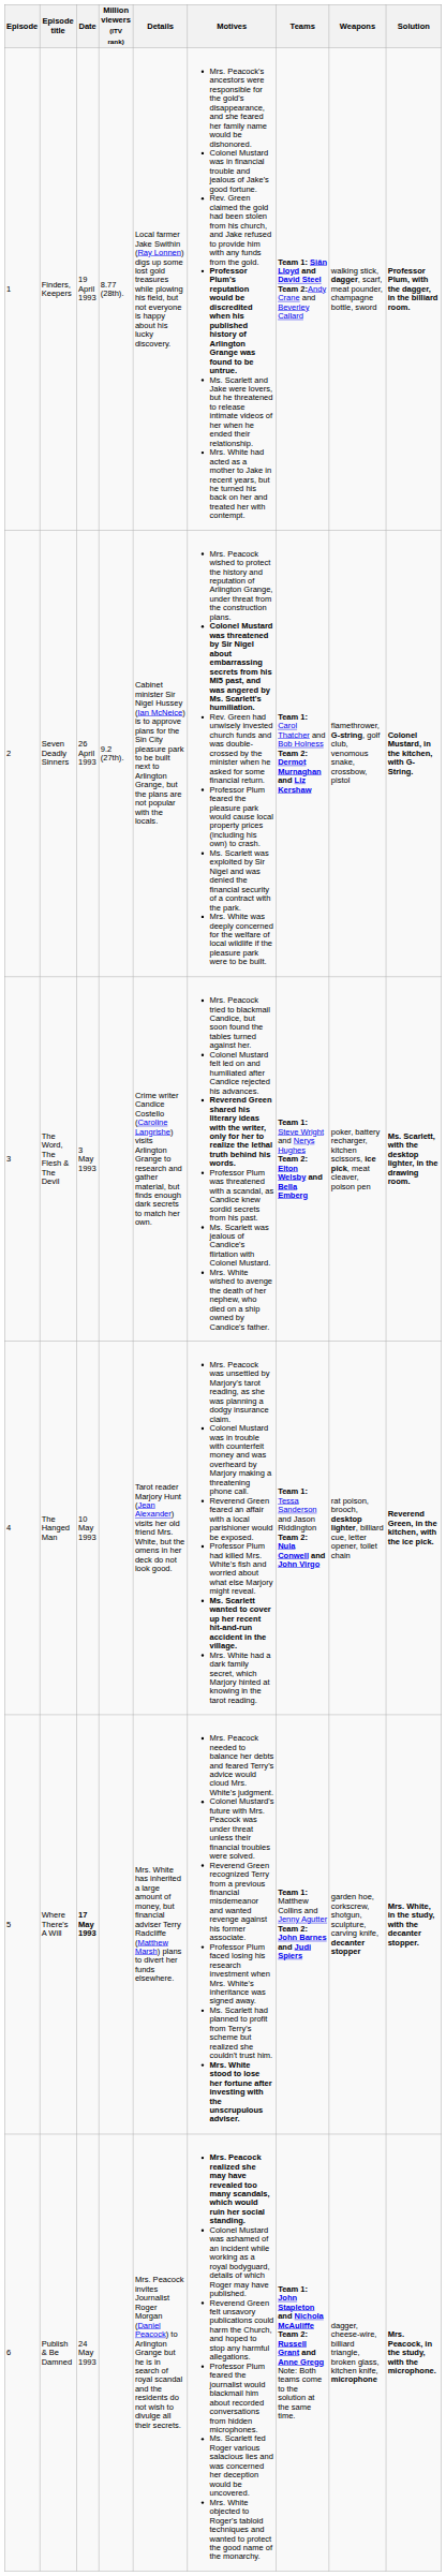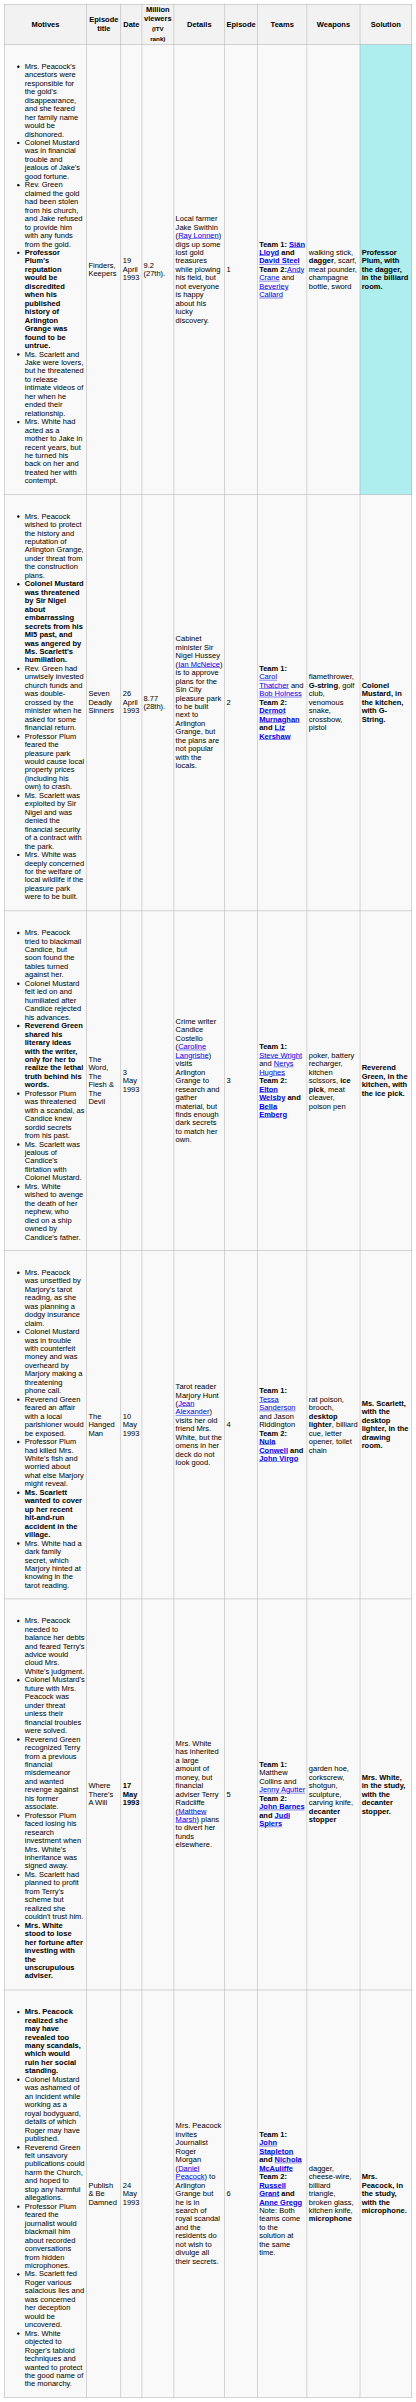 <table class="wikitable">
 <tr>
-<th>Episode</th>
+<th>Motives</th>
 <th>Episode title</th>
 <th>Date</th>
 <th>Million viewers <sub>(ITV rank)</sub></th>
 <th>Details</th>
-<th>Motives</th>
+<th>Episode</th>
 <th>Teams</th>
 <th>Weapons</th>
 <th>Solution</th>
 </tr>
 <tr>
-<td>1</td>
+<td><br><ul><li>Mrs. Peacock's ancestors were responsible for the gold's disappearance, and she feared her family name would be dishonored.</li><li>Colonel Mustard was in financial trouble and jealous of Jake's good fortune.</li><li>Rev. Green claimed the gold had been stolen from his church, and Jake refused to provide him with any funds from the gold.</li><li><strong>Professor Plum's reputation would be discredited when his published history of Arlington Grange was found to be untrue.</strong></li><li>Ms. Scarlett and Jake were lovers, but he threatened to release intimate videos of her when he ended their relationship.</li><li>Mrs. White had acted as a mother to Jake in recent years, but he turned his back on her and treated her with contempt.</li></ul></td>
 <td>Finders, Keepers</td>
 <td>19 April 1993</td>
-<td>8.77 (28th).</td>
+<td>9.2 (27th).</td>
 <td>Local farmer Jake Swithin (<a href='#'>Ray Lonnen</a>) digs up some lost gold treasures while plowing his field, but not everyone is happy about his lucky discovery.</td>
-<td><br><ul><li>Mrs. Peacock's ancestors were responsible for the gold's disappearance, and she feared her family name would be dishonored.</li><li>Colonel Mustard was in financial trouble and jealous of Jake's good fortune.</li><li>Rev. Green claimed the gold had been stolen from his church, and Jake refused to provide him with any funds from the gold.</li><li><strong>Professor Plum's reputation would be discredited when his published history of Arlington Grange was found to be untrue.</strong></li><li>Ms. Scarlett and Jake were lovers, but he threatened to release intimate videos of her when he ended their relationship.</li><li>Mrs. White had acted as a mother to Jake in recent years, but he turned his back on her and treated her with contempt.</li></ul></td>
+<td>1</td>
 <td><strong>Team 1:</strong> <strong><a href='#'>Siân Lloyd</a> and <a href='#'>David Steel</a></strong> <br> <strong>Team 2:</strong><a href='#'>Andy Crane</a> and <a href='#'>Beverley Callard</a></td>
 <td>walking stick, <strong>dagger</strong>, scarf, meat pounder, champagne bottle, sword</td>
-<td><strong>Professor Plum, with the dagger, in the billiard room.</strong></td>
+<td style="background: paleturquoise;"><strong>Professor Plum, with the dagger, in the billiard room.</strong></td>
 </tr>
 <tr>
-<td>2</td>
+<td><br><ul><li>Mrs. Peacock wished to protect the history and reputation of Arlington Grange, under threat from the construction plans.</li><li><strong>Colonel Mustard was threatened by Sir Nigel about embarrassing secrets from his MI5 past, and was angered by Ms. Scarlett's humiliation.</strong></li><li>Rev. Green had unwisely invested church funds and was double-crossed by the minister when he asked for some financial return.</li><li>Professor Plum feared the pleasure park would cause local property prices (including his own) to crash.</li><li>Ms. Scarlett was exploited by Sir Nigel and was denied the financial security of a contract with the park.</li><li>Mrs. White was deeply concerned for the welfare of local wildlife if the pleasure park were to be built.</li></ul></td>
 <td>Seven Deadly Sinners</td>
 <td>26 April 1993</td>
-<td>9.2 (27th).</td>
+<td>8.77 (28th).</td>
 <td>Cabinet minister Sir Nigel Hussey (<a href='#'>Ian McNeice</a>) is to approve plans for the Sin City pleasure park to be built next to Arlington Grange, but the plans are not popular with the locals.</td>
-<td><br><ul><li>Mrs. Peacock wished to protect the history and reputation of Arlington Grange, under threat from the construction plans.</li><li><strong>Colonel Mustard was threatened by Sir Nigel about embarrassing secrets from his MI5 past, and was angered by Ms. Scarlett's humiliation.</strong></li><li>Rev. Green had unwisely invested church funds and was double-crossed by the minister when he asked for some financial return.</li><li>Professor Plum feared the pleasure park would cause local property prices (including his own) to crash.</li><li>Ms. Scarlett was exploited by Sir Nigel and was denied the financial security of a contract with the park.</li><li>Mrs. White was deeply concerned for the welfare of local wildlife if the pleasure park were to be built.</li></ul></td>
+<td>2</td>
 <td><strong>Team 1:</strong> <a href='#'>Carol Thatcher</a> and <a href='#'>Bob Holness</a>  <br> <strong>Team 2: <a href='#'>Dermot Murnaghan</a> and <a href='#'>Liz Kershaw</a></strong></td>
 <td>flamethrower, <strong>G-string</strong>, golf club, venomous snake, crossbow, pistol</td>
 <td><strong>Colonel Mustard, in the kitchen, with G-String.</strong></td>
 </tr>
 <tr>
-<td>3</td>
+<td><br><ul><li>Mrs. Peacock tried to blackmail Candice, but soon found the tables turned against her.</li><li>Colonel Mustard felt led on and humiliated after Candice rejected his advances.</li><li><strong>Reverend Green shared his literary ideas with the writer, only for her to realize the lethal truth behind his words.</strong></li><li>Professor Plum was threatened with a scandal, as Candice knew sordid secrets from his past.</li><li>Ms. Scarlett was jealous of Candice's flirtation with Colonel Mustard.</li><li>Mrs. White wished to avenge the death of her nephew, who died on a ship owned by Candice's father.</li></ul></td>
 <td>The Word, The Flesh & The Devil</td>
 <td>3 May 1993</td>
 <td></td>
 <td>Crime writer Candice Costello (<a href='#'>Caroline Langrishe</a>) visits Arlington Grange to research and gather material, but finds enough dark secrets to match her own.</td>
-<td><br><ul><li>Mrs. Peacock tried to blackmail Candice, but soon found the tables turned against her.</li><li>Colonel Mustard felt led on and humiliated after Candice rejected his advances.</li><li><strong>Reverend Green shared his literary ideas with the writer, only for her to realize the lethal truth behind his words.</strong></li><li>Professor Plum was threatened with a scandal, as Candice knew sordid secrets from his past.</li><li>Ms. Scarlett was jealous of Candice's flirtation with Colonel Mustard.</li><li>Mrs. White wished to avenge the death of her nephew, who died on a ship owned by Candice's father.</li></ul></td>
+<td>3</td>
 <td><strong>Team 1:</strong> <a href='#'>Steve Wright</a> and <a href='#'>Nerys Hughes</a> <br> <strong>Team 2:</strong> <strong><a href='#'>Elton Welsby</a> and <a href='#'>Bella Emberg</a></strong></td>
 <td>poker, battery recharger, kitchen scissors, <strong>ice pick</strong>, meat cleaver, poison pen</td>
-<td><strong>Ms. Scarlett, with the desktop lighter, in the drawing room.</strong></td>
+<td><strong>Reverend Green, in the kitchen, with the ice pick.</strong></td>
 </tr>
 <tr>
-<td>4</td>
+<td><br><ul><li>Mrs. Peacock was unsettled by Marjory's tarot reading, as she was planning a dodgy insurance claim.</li><li>Colonel Mustard was in trouble with counterfeit money and was overheard by Marjory making a threatening phone call.</li><li>Reverend Green feared an affair with a local parishioner would be exposed.</li><li>Professor Plum had killed Mrs. White's fish and worried about what else Marjory might reveal.</li><li><strong>Ms. Scarlett wanted to cover up her recent hit-and-run accident in the village.</strong></li><li>Mrs. White had a dark family secret, which Marjory hinted at knowing in the tarot reading.</li></ul></td>
 <td>The Hanged Man</td>
 <td>10 May 1993</td>
 <td></td>
 <td>Tarot reader Marjory Hunt (<a href='#'>Jean Alexander</a>) visits her old friend Mrs. White, but the omens in her deck do not look good.</td>
-<td><br><ul><li>Mrs. Peacock was unsettled by Marjory's tarot reading, as she was planning a dodgy insurance claim.</li><li>Colonel Mustard was in trouble with counterfeit money and was overheard by Marjory making a threatening phone call.</li><li>Reverend Green feared an affair with a local parishioner would be exposed.</li><li>Professor Plum had killed Mrs. White's fish and worried about what else Marjory might reveal.</li><li><strong>Ms. Scarlett wanted to cover up her recent hit-and-run accident in the village.</strong></li><li>Mrs. White had a dark family secret, which Marjory hinted at knowing in the tarot reading.</li></ul></td>
+<td>4</td>
 <td><strong>Team 1:</strong> <a href='#'>Tessa Sanderson</a> and Jason Riddington <br> <strong>Team 2: <a href='#'>Nula Conwell</a> and <a href='#'>John Virgo</a></strong></td>
 <td>rat poison, brooch, <strong>desktop lighter</strong>, billiard cue, letter opener, toilet chain</td>
-<td><strong>Reverend Green, in the kitchen, with the ice pick.</strong></td>
+<td><strong>Ms. Scarlett, with the desktop lighter, in the drawing room.</strong></td>
 </tr>
 <tr>
-<td>5</td>
+<td><br><ul><li>Mrs. Peacock needed to balance her debts and feared Terry's advice would cloud Mrs. White's judgment.</li><li>Colonel Mustard's future with Mrs. Peacock was under threat unless their financial troubles were solved.</li><li>Reverend Green recognized Terry from a previous financial misdemeanor and wanted revenge against his former associate.</li><li>Professor Plum faced losing his research investment when Mrs. White's inheritance was signed away.</li><li>Ms. Scarlett had planned to profit from Terry's scheme but realized she couldn't trust him.</li><li><strong>Mrs. White stood to lose her fortune after investing with the unscrupulous adviser.</strong></li></ul></td>
 <td>Where There's A Will</td>
 <td><strong>17 May 1993</strong></td>
 <td></td>
 <td>Mrs. White has inherited a large amount of money, but financial adviser Terry Radcliffe (<a href='#'>Matthew Marsh</a>) plans to divert her funds elsewhere.</td>
-<td><br><ul><li>Mrs. Peacock needed to balance her debts and feared Terry's advice would cloud Mrs. White's judgment.</li><li>Colonel Mustard's future with Mrs. Peacock was under threat unless their financial troubles were solved.</li><li>Reverend Green recognized Terry from a previous financial misdemeanor and wanted revenge against his former associate.</li><li>Professor Plum faced losing his research investment when Mrs. White's inheritance was signed away.</li><li>Ms. Scarlett had planned to profit from Terry's scheme but realized she couldn't trust him.</li><li><strong>Mrs. White stood to lose her fortune after investing with the unscrupulous adviser.</strong></li></ul></td>
+<td>5</td>
 <td><strong>Team 1:</strong> Matthew Collins and <a href='#'>Jenny Agutter</a> <br> <strong>Team 2:</strong> <strong><a href='#'>John Barnes</a> and <a href='#'>Judi Spiers</a></strong></td>
 <td>garden hoe, corkscrew, shotgun, sculpture, carving knife, <strong>decanter stopper</strong></td>
 <td><strong>Mrs. White, in the study, with the decanter stopper.</strong></td>
 </tr>
 <tr>
-<td>6</td>
+<td><br><ul><li><strong>Mrs. Peacock realized she may have revealed too many scandals, which would ruin her social standing.</strong></li><li>Colonel Mustard was ashamed of an incident while working as a royal bodyguard, details of which Roger may have published.</li><li>Reverend Green felt unsavory publications could harm the Church, and hoped to stop any harmful allegations.</li><li>Professor Plum feared the journalist would blackmail him about recorded conversations from hidden microphones.</li><li>Ms. Scarlett fed Roger various salacious lies and was concerned her deception would be uncovered.</li><li>Mrs. White objected to Roger's tabloid techniques and wanted to protect the good name of the monarchy.</li></ul></td>
 <td>Publish & Be Damned</td>
 <td>24 May 1993</td>
 <td></td>
 <td>Mrs. Peacock invites Journalist Roger Morgan (<a href='#'>Daniel Peacock</a>) to Arlington Grange but he is in search of royal scandal and the residents do not wish to divulge all their secrets.</td>
-<td><br><ul><li><strong>Mrs. Peacock realized she may have revealed too many scandals, which would ruin her social standing.</strong></li><li>Colonel Mustard was ashamed of an incident while working as a royal bodyguard, details of which Roger may have published.</li><li>Reverend Green felt unsavory publications could harm the Church, and hoped to stop any harmful allegations.</li><li>Professor Plum feared the journalist would blackmail him about recorded conversations from hidden microphones.</li><li>Ms. Scarlett fed Roger various salacious lies and was concerned her deception would be uncovered.</li><li>Mrs. White objected to Roger's tabloid techniques and wanted to protect the good name of the monarchy.</li></ul></td>
+<td>6</td>
 <td><strong>Team 1: <a href='#'>John Stapleton</a> and <a href='#'>Nichola McAuliffe</a></strong> <br> <strong>Team 2: <a href='#'>Russell Grant</a> and <a href='#'>Anne Gregg</a></strong> Note: Both teams come to the solution at the same time.</td>
 <td>dagger, cheese-wire, billiard triangle, broken glass, kitchen knife, <strong>microphone</strong></td>
 <td><strong>Mrs. Peacock, in the study, with the microphone.</strong></td>
 </tr>
 </table>
